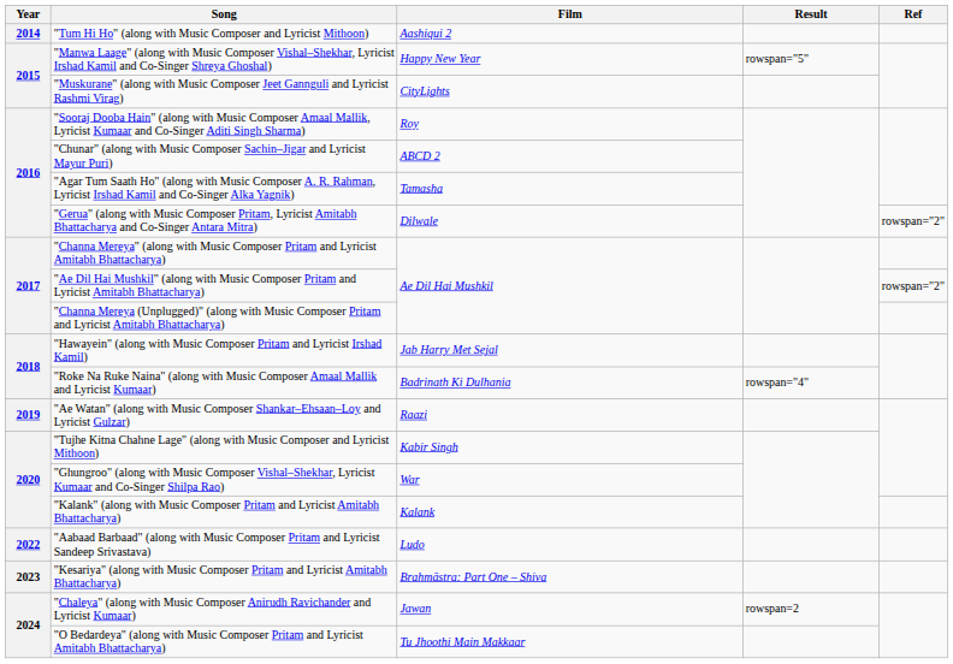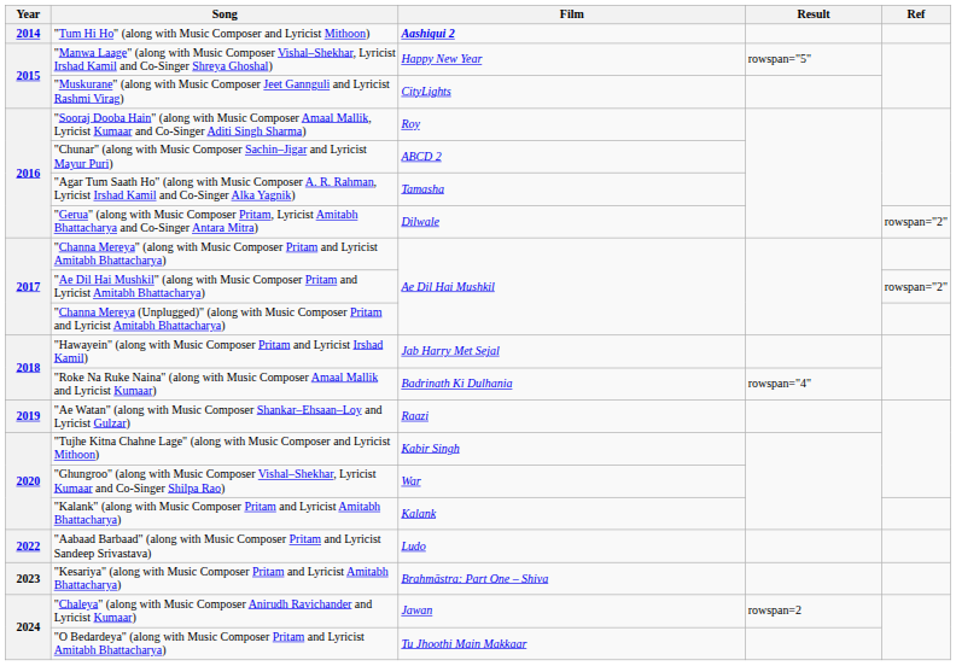 <table class="wikitable plainrowheaders" width="100%" textcolor:#000;">
 <tr>
 <th scope="col" width=5%><strong>Year</strong></th>
 <th scope="col" width=39%><strong>Song</strong></th>
 <th scope="col" width=39%><strong>Film</strong></th>
 <th scope="col" width=15%><strong>Result</strong></th>
 <th scope="col" width=15%><strong>Ref</strong></th>
 </tr>
 <tr>
 <th scope="row"><a href='#'>2014</a></th>
 <td>"<a href='#'>Tum Hi Ho</a>" (along with Music Composer and Lyricist <a href='#'>Mithoon</a>)</td>
-<td><em><a href='#'>Aashiqui 2</a></em></td>
+<td><strong><em><a href='#'>Aashiqui 2</a></em></strong></td>
 <td></td>
 <td></td>
 </tr>
 <tr>
 <th scope="row" rowspan="2"><a href='#'>2015</a></th>
 <td>"<a href='#'>Manwa Laage</a>" (along with Music Composer <a href='#'>Vishal–Shekhar</a>, Lyricist <a href='#'>Irshad Kamil</a> and Co-Singer <a href='#'>Shreya Ghoshal</a>)</td>
 <td><em><a href='#'>Happy New Year</a></em></td>
 <td>rowspan="5" </td>
 <td rowspan="2"></td>
 </tr>
 <tr>
 <td>"<a href='#'>Muskurane</a>" (along with Music Composer <a href='#'>Jeet Gannguli</a> and Lyricist <a href='#'>Rashmi Virag</a>)</td>
 <td><em><a href='#'>CityLights</a></em></td>
 </tr>
 <tr>
 <th scope="row" rowspan="4"><a href='#'>2016</a></th>
 <td>"<a href='#'>Sooraj Dooba Hain</a>" (along with Music Composer <a href='#'>Amaal Mallik</a>, Lyricist <a href='#'>Kumaar</a> and Co-Singer <a href='#'>Aditi Singh Sharma</a>)</td>
 <td><em><a href='#'>Roy</a></em></td>
 <td rowspan="4"></td>
 </tr>
 <tr>
 <td>"Chunar" (along with Music Composer <a href='#'>Sachin–Jigar</a> and Lyricist <a href='#'>Mayur Puri</a>)</td>
 <td><em><a href='#'>ABCD 2</a></em></td>
 </tr>
 <tr>
 <td>"Agar Tum Saath Ho" (along with Music Composer <a href='#'>A. R. Rahman</a>, Lyricist <a href='#'>Irshad Kamil</a> and Co-Singer <a href='#'>Alka Yagnik</a>)</td>
 <td><em><a href='#'>Tamasha</a></em></td>
 </tr>
 <tr>
 <td>"<a href='#'>Gerua</a>" (along with Music Composer <a href='#'>Pritam</a>, Lyricist <a href='#'>Amitabh Bhattacharya</a> and Co-Singer <a href='#'>Antara Mitra</a>)</td>
 <td><em><a href='#'>Dilwale</a></em></td>
 <td>rowspan="2" </td>
 </tr>
 <tr>
 <th scope="row" rowspan="3"><a href='#'>2017</a></th>
 <td>"<a href='#'>Channa Mereya</a>" (along with Music Composer <a href='#'>Pritam</a> and Lyricist <a href='#'>Amitabh Bhattacharya</a>)</td>
 <td rowspan="3"><em><a href='#'>Ae Dil Hai Mushkil</a></em></td>
 <td rowspan="3"></td>
 </tr>
 <tr>
 <td>"<a href='#'>Ae Dil Hai Mushkil</a>" (along with Music Composer <a href='#'>Pritam</a> and Lyricist <a href='#'>Amitabh Bhattacharya</a>)</td>
 <td>rowspan="2" </td>
 </tr>
 <tr>
 <td>"<a href='#'>Channa Mereya</a> (Unplugged)" (along with Music Composer <a href='#'>Pritam</a> and Lyricist <a href='#'>Amitabh Bhattacharya</a>)</td>
 </tr>
 <tr>
 <th scope="row" rowspan="2"><a href='#'>2018</a></th>
 <td>"Hawayein" (along with Music Composer <a href='#'>Pritam</a> and Lyricist <a href='#'>Irshad Kamil</a>)</td>
 <td><em><a href='#'>Jab Harry Met Sejal</a></em></td>
 <td></td>
 <td rowspan="2"></td>
 </tr>
 <tr>
 <td>"Roke Na Ruke Naina" (along with Music Composer <a href='#'>Amaal Mallik</a> and Lyricist <a href='#'>Kumaar</a>)</td>
 <td><em><a href='#'>Badrinath Ki Dulhania</a></em></td>
 <td>rowspan="4" </td>
 </tr>
 <tr>
 <th scope="row"><a href='#'>2019</a></th>
 <td>"Ae Watan" (along with Music Composer <a href='#'>Shankar–Ehsaan–Loy</a> and Lyricist <a href='#'>Gulzar</a>)</td>
 <td><em><a href='#'>Raazi</a></em></td>
 <td></td>
 </tr>
 <tr>
 <th scope="row" rowspan="3"><a href='#'>2020</a></th>
 <td>"Tujhe Kitna Chahne Lage" (along with Music Composer and Lyricist <a href='#'>Mithoon</a>)</td>
 <td><em><a href='#'>Kabir Singh</a></em></td>
 <td rowspan="3"></td>
 </tr>
 <tr>
 <td>"Ghungroo" (along with Music Composer <a href='#'>Vishal–Shekhar</a>, Lyricist <a href='#'>Kumaar</a> and Co-Singer <a href='#'>Shilpa Rao</a>)</td>
 <td><em><a href='#'>War</a></em></td>
 </tr>
 <tr>
 <td>"Kalank" (along with Music Composer <a href='#'>Pritam</a> and Lyricist <a href='#'>Amitabh Bhattacharya</a>)</td>
 <td><em><a href='#'>Kalank</a></em></td>
 <td></td>
 </tr>
 <tr>
 <th scope="row"><a href='#'>2022</a></th>
 <td>"Aabaad Barbaad" (along with Music Composer <a href='#'>Pritam</a> and Lyricist Sandeep Srivastava)</td>
 <td><em><a href='#'>Ludo</a></em></td>
 <td></td>
 <td></td>
 </tr>
 <tr>
 <th scope="row">2023</th>
 <td>"Kesariya" (along with Music Composer <a href='#'>Pritam</a> and Lyricist <a href='#'>Amitabh Bhattacharya</a>)</td>
 <td><em><a href='#'>Brahmāstra: Part One – Shiva</a></em></td>
 <td></td>
 <td></td>
 </tr>
 <tr>
 <th scope="row" rowspan=2>2024</th>
 <td>"<a href='#'>Chaleya</a>" (along with Music Composer <a href='#'>Anirudh Ravichander</a> and Lyricist <a href='#'>Kumaar</a>)</td>
 <td><em><a href='#'>Jawan</a></em></td>
 <td>rowspan=2 </td>
 <td rowspan=2></td>
 </tr>
 <tr>
 <td>"O Bedardeya" (along with Music Composer <a href='#'>Pritam</a> and Lyricist <a href='#'>Amitabh Bhattacharya</a>)</td>
 <td><em><a href='#'>Tu Jhoothi Main Makkaar</a></em></td>
 </tr>
 </table>
